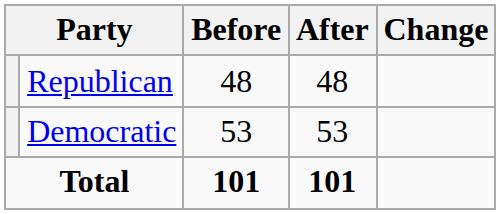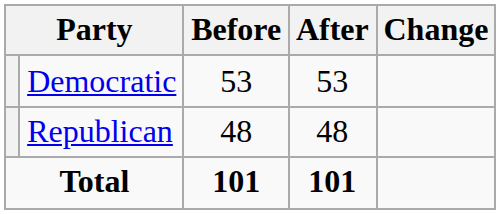 <table class="wikitable" style="text-align:center;">
 <tr>
 <th colspan="2">Party</th>
 <th>Before</th>
 <th>After</th>
 <th>Change</th>
 </tr>
 <tr>
 <th style="background-color:"></th>
-<td style="text-align:left;"><a href='#'>Republican</a></td>
-<td>48</td>
-<td>48</td>
+<td style="text-align:left;"><a href='#'>Democratic</a></td>
+<td>53</td>
+<td>53</td>
 <td></td>
 </tr>
 <tr>
 <th style="background-color:"></th>
-<td style="text-align:left;"><a href='#'>Democratic</a></td>
-<td>53</td>
-<td>53</td>
+<td style="text-align:left;"><a href='#'>Republican</a></td>
+<td>48</td>
+<td>48</td>
 <td></td>
 </tr>
 <tr>
 <td colspan="2"><strong>Total</strong></td>
 <td><strong>101</strong></td>
 <td><strong>101</strong></td>
 <td></td>
 </tr>
 </table>
